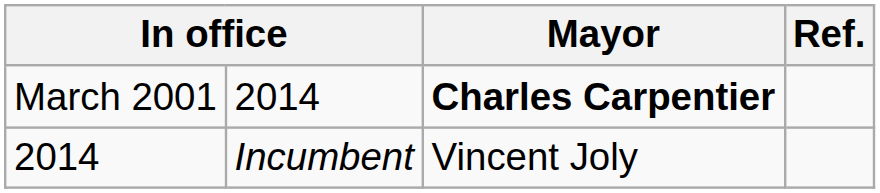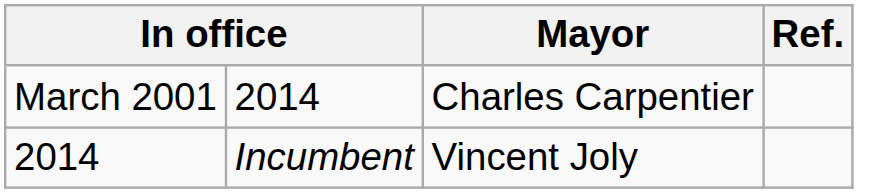 <table class="wikitable">
 <tr>
 <th colspan="2">In office</th>
 <th>Mayor</th>
 <th>Ref.</th>
 </tr>
 <tr>
 <td>March 2001</td>
 <td>2014</td>
-<td><strong>Charles Carpentier</strong></td>
+<td>Charles Carpentier</td>
 <td></td>
 </tr>
 <tr>
 <td>2014</td>
 <td><em>Incumbent</em></td>
 <td>Vincent Joly</td>
 <td></td>
 </tr>
 </table>
